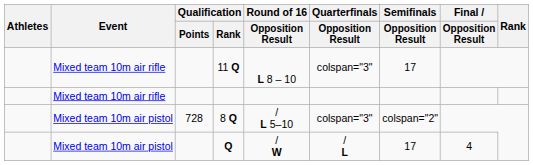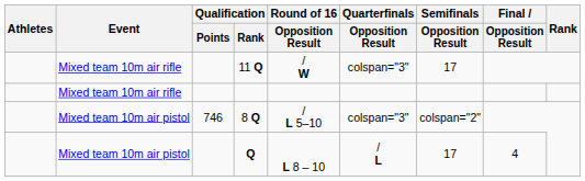 <table class="wikitable" style="font-size:90%;">
 <tr>
 <th rowspan=2>Athletes</th>
 <th rowspan=2>Event</th>
 <th colspan=2>Qualification</th>
 <th>Round of 16</th>
 <th>Quarterfinals</th>
 <th>Semifinals</th>
 <th>Final / </th>
 <th rowspan=2>Rank</th>
 </tr>
 <tr style="font-size:95%">
 <th>Points</th>
 <th>Rank</th>
 <th>Opposition<br>Result</th>
 <th>Opposition<br>Result</th>
 <th>Opposition<br>Result</th>
 <th>Opposition<br>Result</th>
 </tr>
 <tr align=center>
 <td align=left><br></td>
 <td align=left><a href='#'>Mixed team 10m air rifle</a></td>
 <td></td>
 <td>11 <strong>Q</strong></td>
-<td><br><br><strong>L</strong> 8 – 10</td>
+<td>/<br><strong>W</strong></td>
 <td>colspan="3" </td>
 <td>17</td>
 </tr>
 <tr align=center>
 <td align=left><br></td>
 <td align=left><a href='#'>Mixed team 10m air rifle</a></td>
 <td></td>
 <td></td>
 <td></td>
 <td></td>
 <td></td>
 <td></td>
 <td></td>
 </tr>
 <tr align=center>
 <td align=left><br></td>
 <td align=left><a href='#'>Mixed team 10m air pistol</a></td>
-<td>728</td>
+<td>746</td>
 <td>8 <strong>Q</strong></td>
 <td>/<br><strong>L</strong> 5–10</td>
 <td>colspan="3" </td>
 <td>colspan="2" </td>
 </tr>
 <tr align=center>
 <td align=left><br></td>
 <td align=left><a href='#'>Mixed team 10m air pistol</a></td>
 <td></td>
 <td><strong>Q</strong></td>
-<td>/<br><strong>W</strong></td>
+<td><br><br><strong>L</strong> 8 – 10</td>
 <td>/<br><strong>L</strong></td>
 <td>17</td>
 <td>4</td>
 </tr>
 </table>
